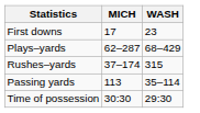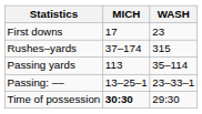 <table class="wikitable" style="float:left">
 <tr>
 <th>Statistics</th>
 <th>MICH</th>
 <th>WASH</th>
 </tr>
 <tr>
 <td>First downs</td>
 <td>17</td>
 <td>23</td>
 </tr>
 <tr>
-<td>Plays–yards</td>
-<td>62–287</td>
-<td>68–429</td>
-</tr>
-<tr>
 <td>Rushes–yards</td>
 <td>37–174</td>
 <td>315</td>
 </tr>
 <tr>
 <td>Passing yards</td>
 <td>113</td>
 <td>35–114</td>
 </tr>
 <tr>
+<td>Passing: ––</td>
+<td>13–25–1</td>
+<td>23–33–1</td>
+</tr>
+<tr>
 <td>Time of possession</td>
-<td>30:30</td>
+<td><strong>30:30</strong></td>
 <td>29:30</td>
 </tr>
 </table>
